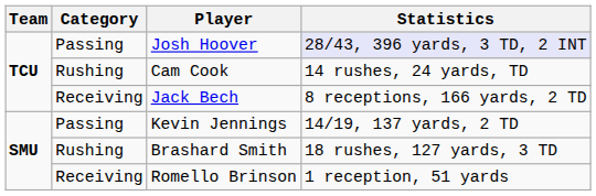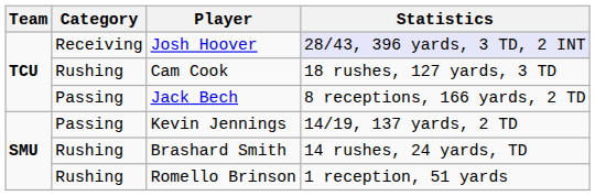 <table class="wikitable" style="float: right;">
 <tr>
 <th>Team</th>
 <th>Category</th>
 <th>Player</th>
 <th>Statistics</th>
 </tr>
 <tr>
 <td rowspan=3><strong>TCU</strong></td>
-<td>Passing</td>
+<td>Receiving</td>
 <td><a href='#'>Josh Hoover</a></td>
 <td style="background: lavender;">28/43, 396 yards, 3 TD, 2 INT</td>
 </tr>
 <tr>
 <td>Rushing</td>
 <td>Cam Cook</td>
-<td>14 rushes, 24 yards, TD</td>
+<td>18 rushes, 127 yards, 3 TD</td>
 </tr>
 <tr>
-<td>Receiving</td>
+<td>Passing</td>
 <td><a href='#'>Jack Bech</a></td>
 <td>8 receptions, 166 yards, 2 TD</td>
 </tr>
 <tr>
 <td rowspan=3><strong>SMU</strong></td>
 <td>Passing</td>
 <td>Kevin Jennings</td>
 <td>14/19, 137 yards, 2 TD</td>
 </tr>
 <tr>
 <td>Rushing</td>
 <td>Brashard Smith</td>
-<td>18 rushes, 127 yards, 3 TD</td>
+<td>14 rushes, 24 yards, TD</td>
 </tr>
 <tr>
-<td>Receiving</td>
+<td>Rushing</td>
 <td>Romello Brinson</td>
 <td>1 reception, 51 yards</td>
 </tr>
 </table>
